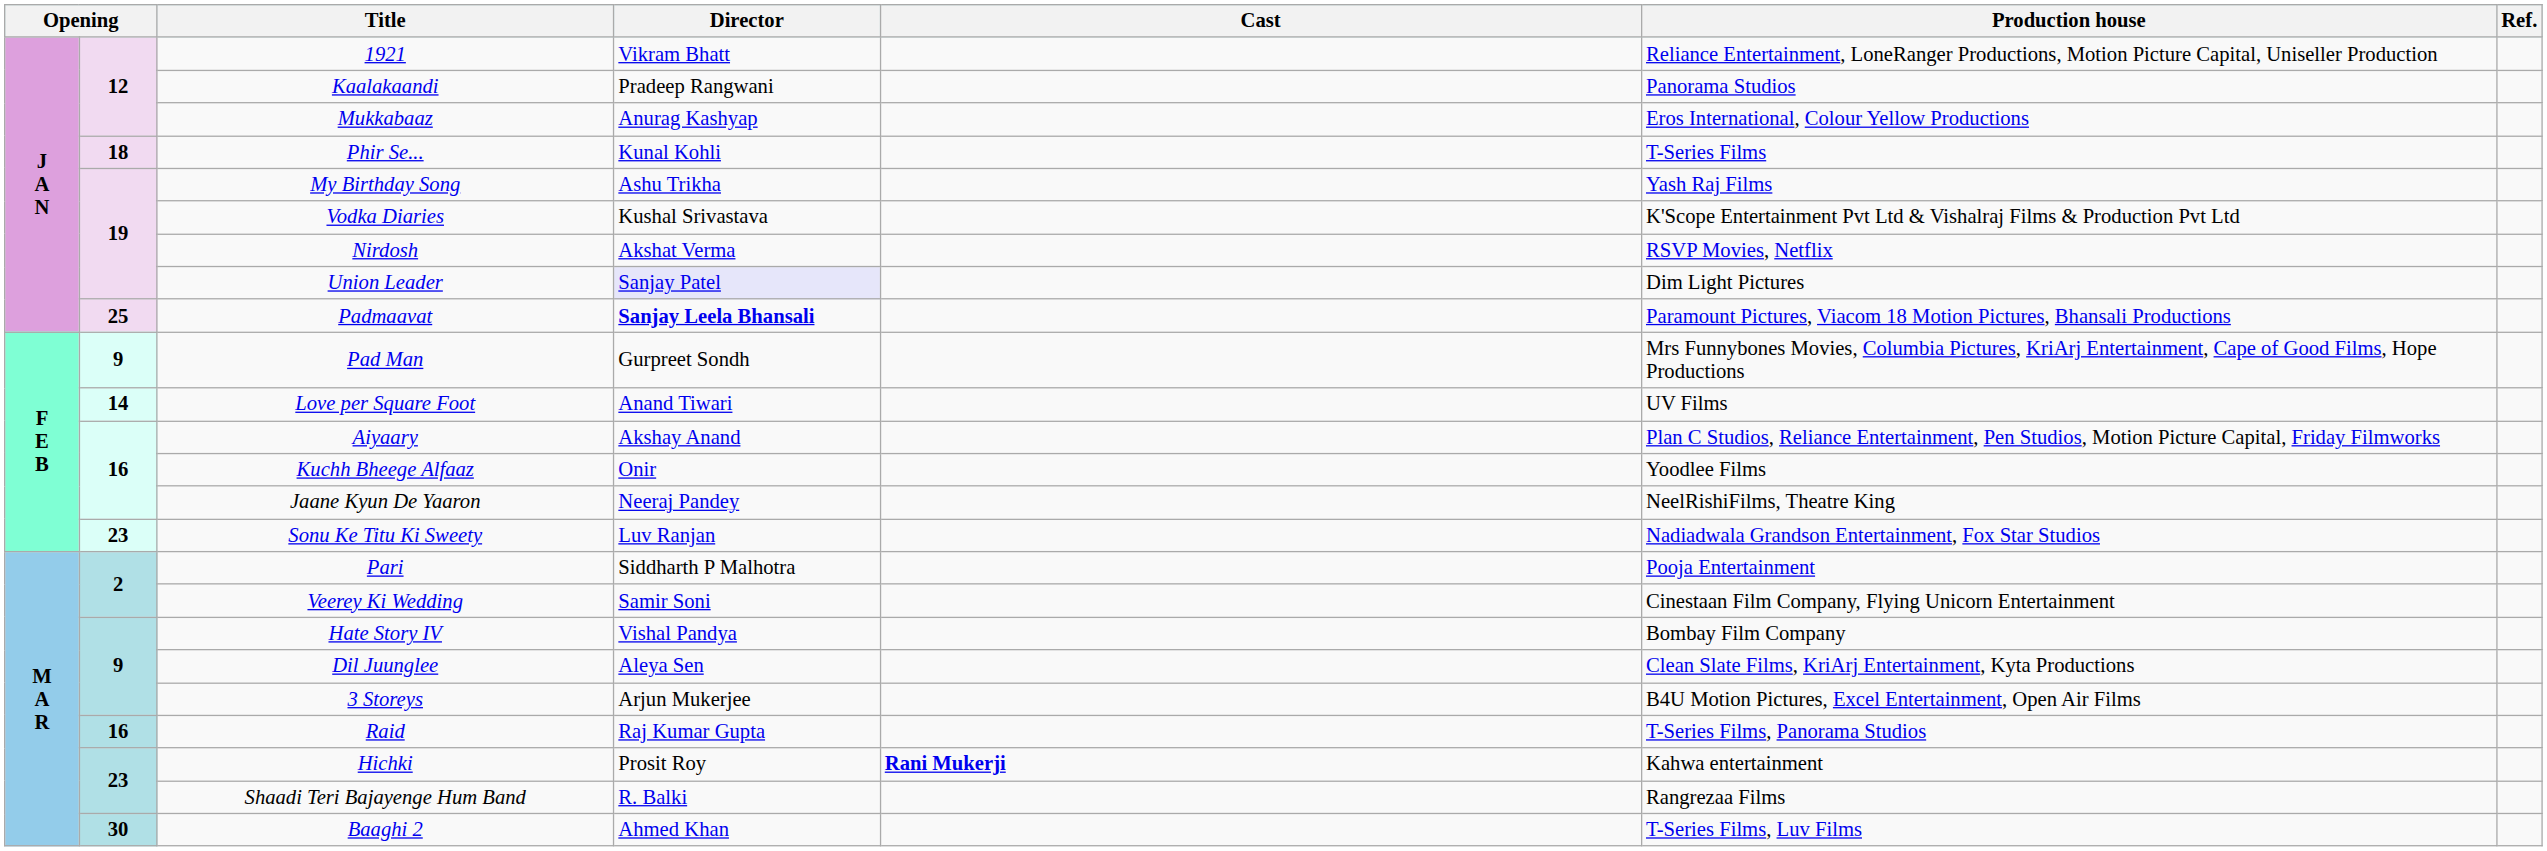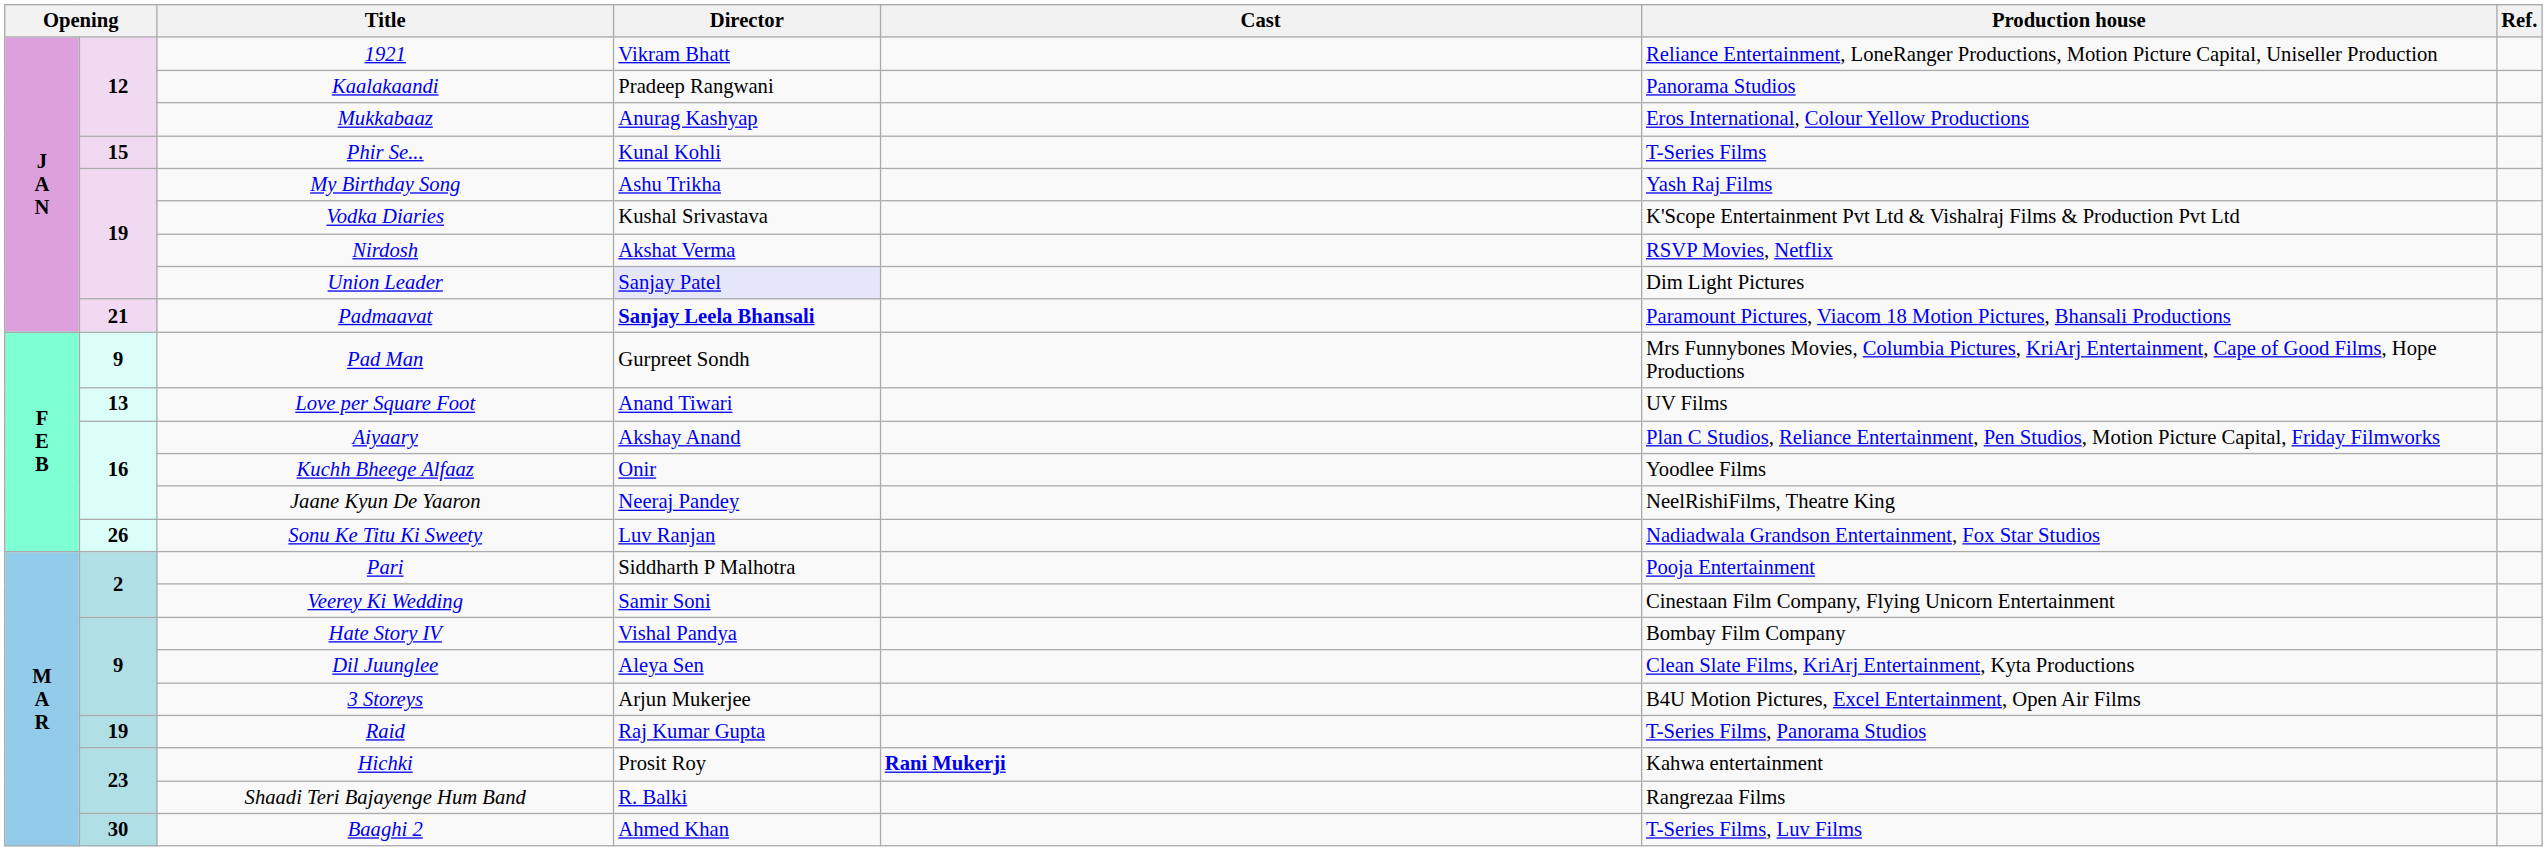 <table class="wikitable">
 <tr style="background:#b0e0e6;text-align:center;">
 <th colspan="2" style="width:6%;"><strong>Opening</strong></th>
 <th style="width:18%;"><strong>Title</strong></th>
 <th style="width:10.5%;"><strong>Director</strong></th>
 <th style="width:30%;"><strong>Cast</strong></th>
 <th>Production house</th>
 <th>Ref.</th>
 </tr>
 <tr>
 <td rowspan="9" style="text-align:center; background:plum; textcolor:#000;"><strong>J<br>A<br>N</strong></td>
 <td rowspan="3" style="text-align:center;background:#f1daf1;"><strong>12</strong></td>
 <td style="text-align:center;"><em><a href='#'>1921</a></em></td>
 <td><a href='#'>Vikram Bhatt</a></td>
 <td></td>
 <td><a href='#'>Reliance Entertainment</a>, LoneRanger Productions, Motion Picture Capital, Uniseller Production</td>
 <td></td>
 </tr>
 <tr>
 <td style="text-align:center;"><em><a href='#'>Kaalakaandi</a></em></td>
 <td>Pradeep Rangwani</td>
 <td></td>
 <td><a href='#'>Panorama Studios</a></td>
 <td></td>
 </tr>
 <tr>
 <td style="text-align:center;"><em><a href='#'>Mukkabaaz</a></em></td>
 <td><a href='#'>Anurag Kashyap</a></td>
 <td></td>
 <td><a href='#'>Eros International</a>, <a href='#'>Colour Yellow Productions</a></td>
 <td></td>
 </tr>
 <tr>
-<td rowspan="1" style="text-align:center;background:#f1daf1;"><strong>18</strong></td>
+<td rowspan="1" style="text-align:center;background:#f1daf1;"><strong>15</strong></td>
 <td style="text-align:center;"><em><a href='#'>Phir Se...</a></em></td>
 <td><a href='#'>Kunal Kohli</a></td>
 <td></td>
 <td><a href='#'>T-Series Films</a></td>
 <td></td>
 </tr>
 <tr>
 <td rowspan="4" style="text-align:center;background:#f1daf1;"><strong>19</strong></td>
 <td style="text-align:center;"><em><a href='#'>My Birthday Song</a></em></td>
 <td><a href='#'>Ashu Trikha</a></td>
 <td></td>
 <td><a href='#'>Yash Raj Films</a></td>
 <td></td>
 </tr>
 <tr>
 <td style="text-align:center;"><em><a href='#'>Vodka Diaries</a></em></td>
 <td>Kushal Srivastava</td>
 <td></td>
 <td>K'Scope Entertainment Pvt Ltd & Vishalraj Films & Production Pvt Ltd</td>
 <td></td>
 </tr>
 <tr>
 <td style="text-align:center;"><em><a href='#'>Nirdosh</a></em></td>
 <td><a href='#'>Akshat Verma</a></td>
 <td></td>
 <td><a href='#'>RSVP Movies</a>, <a href='#'>Netflix</a></td>
 <td></td>
 </tr>
 <tr>
 <td style="text-align:center;"><em><a href='#'>Union Leader</a></em></td>
 <td style="background: lavender;"><a href='#'>Sanjay Patel</a></td>
 <td></td>
 <td>Dim Light Pictures</td>
 <td></td>
 </tr>
 <tr>
-<td rowspan="1" style="text-align:center;background:#f1daf1;"><strong>25</strong></td>
+<td rowspan="1" style="text-align:center;background:#f1daf1;"><strong>21</strong></td>
 <td style="text-align:center;"><em><a href='#'>Padmaavat</a></em></td>
 <td><strong><a href='#'>Sanjay Leela Bhansali</a></strong></td>
 <td></td>
 <td><a href='#'>Paramount Pictures</a>, <a href='#'>Viacom 18 Motion Pictures</a>, <a href='#'>Bhansali Productions</a></td>
 <td></td>
 </tr>
 <tr>
 <td rowspan="6" style="text-align:center; background:#7FFFD4; textcolor:#000;"><strong>F<br>E<br>B</strong></td>
 <td rowspan="1" style="text-align:center;background:#DBFFF8;"><strong>9</strong></td>
 <td style="text-align:center; style=background:#ffc;"><em><a href='#'>Pad Man</a></em></td>
 <td>Gurpreet Sondh</td>
 <td></td>
 <td>Mrs Funnybones Movies, <a href='#'>Columbia Pictures</a>, <a href='#'>KriArj Entertainment</a>, <a href='#'>Cape of Good Films</a>, Hope Productions</td>
 <td></td>
 </tr>
 <tr>
-<td style="text-align:center; background:#dbfff8; style=background:#ffc;"><strong>14</strong></td>
+<td style="text-align:center; background:#dbfff8; style=background:#ffc;"><strong>13</strong></td>
 <td style="text-align:center;"><em><a href='#'>Love per Square Foot</a></em></td>
 <td><a href='#'>Anand Tiwari</a></td>
 <td></td>
 <td>UV Films</td>
 <td></td>
 </tr>
 <tr>
 <td style="text-align:center;background:#DBFFF8;" rowspan="3"><strong>16</strong></td>
 <td style="text-align:center; style=background:#ffc;"><em><a href='#'>Aiyaary</a></em></td>
 <td><a href='#'>Akshay Anand</a></td>
 <td></td>
 <td><a href='#'>Plan C Studios</a>, <a href='#'>Reliance Entertainment</a>, <a href='#'>Pen Studios</a>, Motion Picture Capital, <a href='#'>Friday Filmworks</a></td>
 <td></td>
 </tr>
 <tr>
 <td style="text-align:center; style=background:#ffc;"><em><a href='#'>Kuchh Bheege Alfaaz</a></em></td>
 <td><a href='#'>Onir</a></td>
 <td></td>
 <td>Yoodlee Films</td>
 <td></td>
 </tr>
 <tr>
 <td style="text-align:center; style=background:#ffc;"><em>Jaane Kyun De Yaaron</em></td>
 <td><a href='#'>Neeraj Pandey</a></td>
 <td></td>
 <td>NeelRishiFilms, Theatre King</td>
 <td><br></td>
 </tr>
 <tr>
-<td rowspan="1" style="text-align:center;background:#DBFFF8;"><strong>23</strong></td>
+<td rowspan="1" style="text-align:center;background:#DBFFF8;"><strong>26</strong></td>
 <td style="text-align:center;"><em><a href='#'>Sonu Ke Titu Ki Sweety</a></em></td>
 <td><a href='#'>Luv Ranjan</a></td>
 <td></td>
 <td><a href='#'>Nadiadwala Grandson Entertainment</a>, <a href='#'>Fox Star Studios</a></td>
 <td></td>
 </tr>
 <tr>
 <td rowspan="9" style="text-align:center; background:#93CCEA; textcolor:#000;"><strong>M<br>A<br>R</strong></td>
 <td rowspan="2" style="text-align:center;background:#B0E0E6;"><strong>2</strong></td>
 <td style="text-align:center;"><em><a href='#'>Pari</a></em></td>
 <td>Siddharth P Malhotra</td>
 <td></td>
 <td><a href='#'>Pooja Entertainment</a></td>
 <td></td>
 </tr>
 <tr>
 <td style="text-align:center;"><em><a href='#'>Veerey Ki Wedding</a></em></td>
 <td><a href='#'>Samir Soni</a></td>
 <td></td>
 <td>Cinestaan Film Company, Flying Unicorn Entertainment</td>
 <td></td>
 </tr>
 <tr>
 <td rowspan="3" style="text-align:center;background:#B0E0E6;"><strong>9</strong></td>
 <td style="text-align:center;"><em><a href='#'>Hate Story IV</a></em></td>
 <td><a href='#'>Vishal Pandya</a></td>
 <td></td>
 <td>Bombay Film Company</td>
 <td></td>
 </tr>
 <tr>
 <td style="text-align:center;"><em><a href='#'>Dil Juunglee</a></em></td>
 <td><a href='#'>Aleya Sen</a></td>
 <td></td>
 <td><a href='#'>Clean Slate Films</a>, <a href='#'>KriArj Entertainment</a>, Kyta Productions</td>
 <td></td>
 </tr>
 <tr>
 <td style="text-align:center;"><em><a href='#'>3 Storeys</a></em></td>
 <td>Arjun Mukerjee</td>
 <td></td>
 <td>B4U Motion Pictures, <a href='#'>Excel Entertainment</a>, Open Air Films</td>
 <td></td>
 </tr>
 <tr>
-<td rowspan="1" style="text-align:center;background:#B0E0E6;"><strong>16</strong></td>
+<td rowspan="1" style="text-align:center;background:#B0E0E6;"><strong>19</strong></td>
 <td style="text-align:center;"><em><a href='#'>Raid</a></em></td>
 <td><a href='#'>Raj Kumar Gupta</a></td>
 <td></td>
 <td><a href='#'>T-Series Films</a>, <a href='#'>Panorama Studios</a></td>
 <td></td>
 </tr>
 <tr>
 <td rowspan="2" style="text-align:center; background:#b0e0e6;"><strong>23</strong></td>
 <td style="text-align:center;"><em><a href='#'>Hichki</a></em></td>
 <td>Prosit Roy</td>
 <td><strong><a href='#'>Rani Mukerji</a></strong></td>
 <td>Kahwa entertainment</td>
 <td></td>
 </tr>
 <tr>
 <td style="text-align:center;"><em>Shaadi Teri Bajayenge Hum Band</em></td>
 <td><a href='#'>R. Balki</a></td>
 <td></td>
 <td>Rangrezaa Films</td>
 <td></td>
 </tr>
 <tr>
 <td style="text-align:center; background:#b0e0e6;"><strong>30</strong></td>
 <td style="text-align:center;"><em><a href='#'>Baaghi 2</a></em></td>
 <td><a href='#'>Ahmed Khan</a></td>
 <td></td>
 <td><a href='#'>T-Series Films</a>, <a href='#'>Luv Films</a></td>
 <td></td>
 </tr>
 </table>
